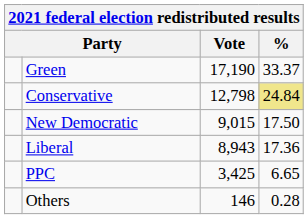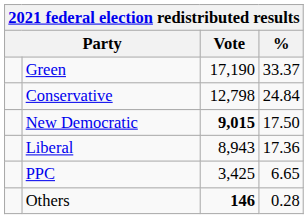 <table class="wikitable">
 <tr>
 <th colspan="4"><a href='#'>2021 federal election</a> redistributed results</th>
 </tr>
 <tr>
 <th bgcolor="#DDDDFF" width="130px" colspan="2">Party</th>
 <th bgcolor="#DDDDFF" width="50px">Vote</th>
 <th bgcolor="#DDDDFF" width="30px">%</th>
 </tr>
 <tr>
 <td> </td>
 <td><a href='#'>Green</a></td>
 <td align=right>17,190</td>
 <td align=right>33.37</td>
 </tr>
 <tr>
 <td> </td>
 <td><a href='#'>Conservative</a></td>
 <td align=right>12,798</td>
-<td align=right style="background: khaki;">24.84</td>
+<td align=right>24.84</td>
 </tr>
 <tr>
 <td> </td>
 <td><a href='#'>New Democratic</a></td>
-<td align=right>9,015</td>
+<td align=right><strong>9,015</strong></td>
 <td align=right>17.50</td>
 </tr>
 <tr>
 <td> </td>
 <td><a href='#'>Liberal</a></td>
 <td align=right>8,943</td>
 <td align=right>17.36</td>
 </tr>
 <tr>
 <td> </td>
 <td><a href='#'>PPC</a></td>
 <td align=right>3,425</td>
 <td align=right>6.65</td>
 </tr>
 <tr>
 <td> </td>
 <td>Others</td>
-<td align=right>146</td>
+<td align=right><strong>146</strong></td>
 <td align=right>0.28</td>
 </tr>
 </table>
